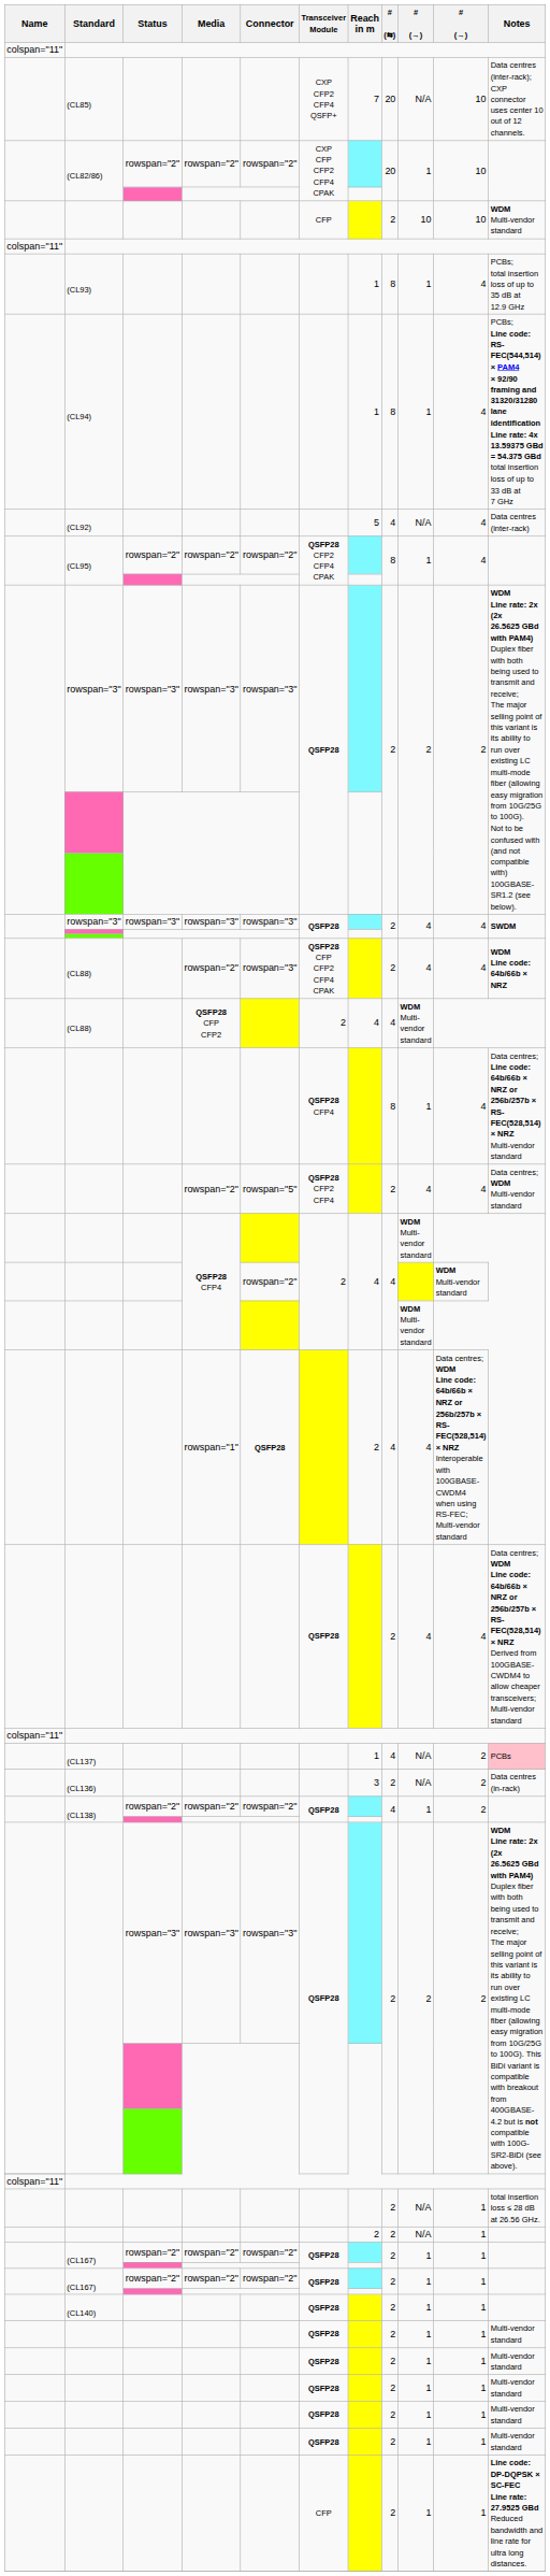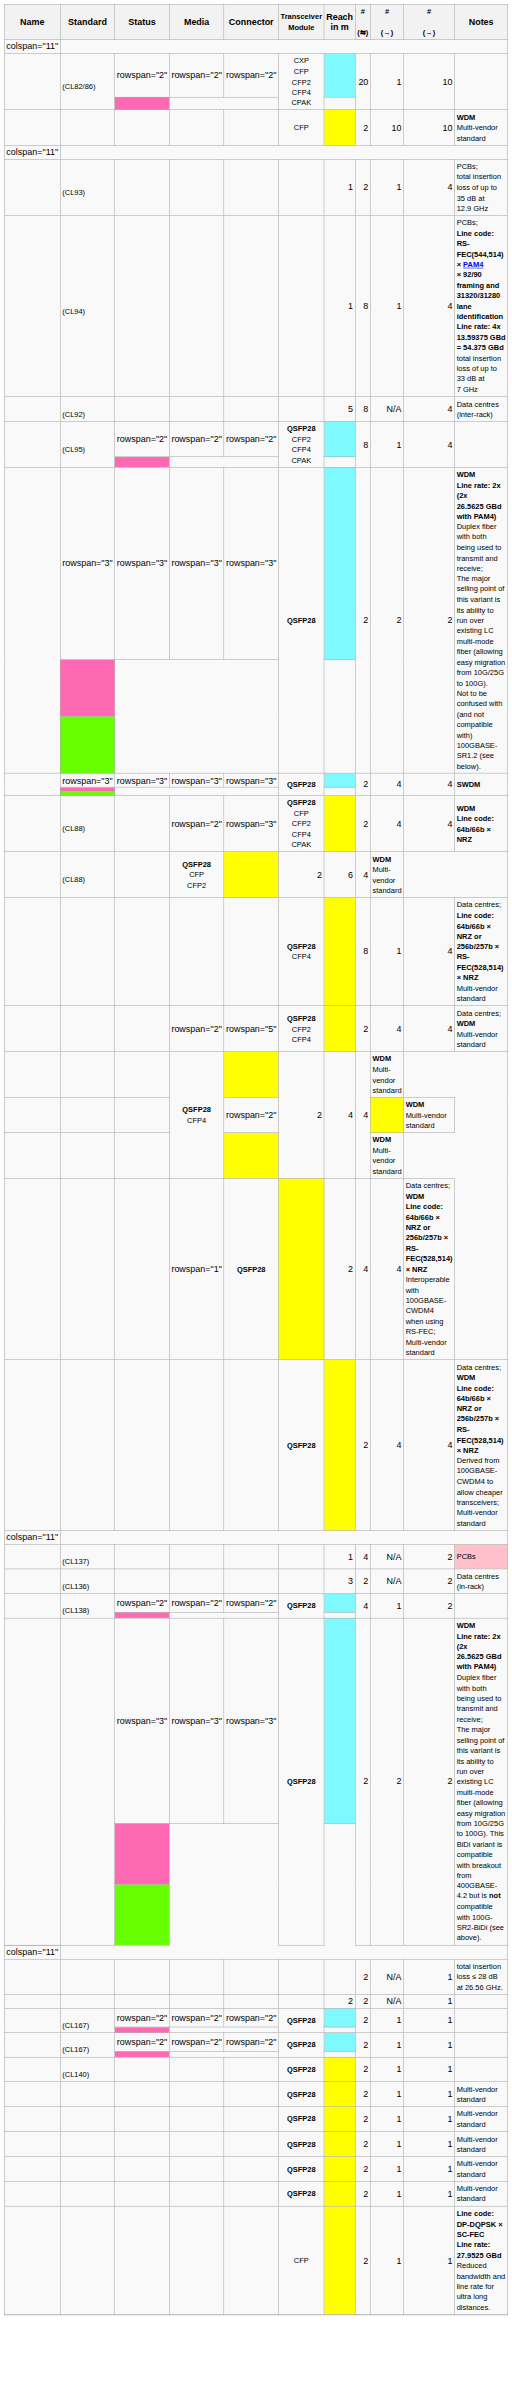 <table class="wikitable" style="line-height:110%;">
 <tr>
 <th>Name</th>
 <th>Standard</th>
 <th>Status</th>
 <th style="width: 170px;">Media</th>
 <th>Connector</th>
 <th><small>Transceiver<br>Module</small></th>
 <th>Reach<br>in m</th>
 <th><small>#<br><br>(⇆)</small></th>
 <th><small>#<br><br>(→)</small></th>
 <th><small>#<br><br>(→)</small></th>
 <th>Notes</th>
 </tr>
 <tr>
 <td>colspan="11"  </td>
-</tr>
-<tr>
-<td><br><small></small></td>
-<td><br><small>(CL85)</small></td>
-<td></td>
-<td></td>
-<td></td>
-<td style="text-align:center;"><small>CXP<br>CFP2<br>CFP4<br>QSFP+</small></td>
-<td style="text-align:right;">7</td>
-<td style="text-align:right;">20</td>
-<td style="text-align:right;">N/A</td>
-<td style="text-align:right;">10</td>
-<td><small>Data centres (inter-rack);<br>CXP connector uses center 10 out of 12 channels.</small></td>
 </tr>
 <tr>
 <td rowspan="2"></td>
 <td rowspan="2"><br><small>(CL82/86)</small></td>
 <td>rowspan="2" </td>
 <td>rowspan="2" </td>
 <td>rowspan="2" </td>
 <td rowspan="2" style="text-align:center;"><small>CXP<br>CFP<br>CFP2<br>CFP4<br>CPAK</small></td>
 <td style="background:#7df9ff;"></td>
 <td rowspan="2" style="text-align:right;">20</td>
 <td rowspan="2" style="text-align:right;">1</td>
 <td rowspan="2" style="text-align:right;">10</td>
 <td rowspan="2"></td>
 </tr>
 <tr>
 <td style="background:hotPink;"></td>
 </tr>
 <tr>
 <td></td>
 <td></td>
 <td></td>
 <td></td>
 <td></td>
 <td style="text-align:center;"><small>CFP</small></td>
 <td style="background:yellow;"></td>
 <td style="text-align:right;">2</td>
 <td style="text-align:right;">10</td>
 <td style="text-align:right;">10</td>
 <td><small><strong>WDM</strong><br>Multi-vendor standard</small></td>
 </tr>
 <tr>
 <td>colspan="11"  </td>
 </tr>
 <tr>
 <td></td>
 <td><br><small>(CL93)</small></td>
 <td></td>
 <td></td>
 <td></td>
 <td></td>
 <td style="text-align:right;">1</td>
-<td style="text-align:right;">8</td>
+<td style="text-align:right;">2</td>
 <td style="text-align:right;">1</td>
 <td style="text-align:right;">4</td>
 <td><small>PCBs;<br>total insertion loss of up to 35 dB at 12.9 GHz</small></td>
 </tr>
 <tr>
 <td></td>
 <td><br><small>(CL94)</small></td>
 <td></td>
 <td></td>
 <td></td>
 <td></td>
 <td style="text-align:right;">1</td>
 <td style="text-align:right;">8</td>
 <td style="text-align:right;">1</td>
 <td style="text-align:right;">4</td>
 <td><small>PCBs;<br><strong>Line code: RS-FEC(544,514) × <a href='#'>PAM4</a><br>× 92/90 framing and 31320/31280 lane identification</strong><br><strong>Line rate: 4x 13.59375 GBd = 54.375 GBd</strong><br>total insertion loss of up to 33 dB at 7 GHz</small></td>
 </tr>
 <tr>
 <td><br><small></small></td>
 <td><br><small>(CL92)</small></td>
 <td></td>
 <td></td>
 <td></td>
 <td></td>
 <td style="text-align:right;">5</td>
-<td style="text-align:right;">4</td>
+<td style="text-align:right;">8</td>
 <td style="text-align:right;">N/A</td>
 <td style="text-align:right;">4</td>
 <td><small>Data centres (inter-rack)</small></td>
 </tr>
 <tr>
 <td rowspan="2"></td>
 <td rowspan="2"><br><small>(CL95)</small></td>
 <td>rowspan="2" </td>
 <td>rowspan="2" </td>
 <td>rowspan="2" </td>
 <td rowspan="2" style="text-align:center;"><small><strong>QSFP28</strong><br>CFP2<br>CFP4<br>CPAK</small></td>
 <td style="background:#7df9ff;"></td>
 <td rowspan="2" style="text-align:right;">8</td>
 <td rowspan="2" style="text-align:right;">1</td>
 <td rowspan="2" style="text-align:right;">4</td>
 <td rowspan="2"></td>
 </tr>
 <tr>
 <td style="background:hotPink;"></td>
 </tr>
 <tr>
 <td rowspan="3"><br><small></small></td>
 <td>rowspan="3" </td>
 <td>rowspan="3" </td>
 <td>rowspan="3" </td>
 <td>rowspan="3" </td>
 <td rowspan="3" style="text-align:center;"><small><strong>QSFP28</strong></small></td>
 <td style="background:#7df9ff;"></td>
 <td rowspan="3" style="text-align:right;">2</td>
 <td rowspan="3" style="text-align:right;">2</td>
 <td rowspan="3" style="text-align:right;">2</td>
 <td rowspan="3"><small><strong>WDM</strong><br><strong>Line rate: 2x (2x 26.5625 GBd with PAM4)</strong><br>Duplex fiber with both being used to transmit and receive;<br>The major selling point of this variant is its ability to run over existing LC multi-mode fiber (allowing easy migration from 10G/25G to 100G).<br>Not to be confused with (and not compatible with) 100GBASE-SR1.2 (see below).</small></td>
 </tr>
 <tr>
 <td style="background:hotPink;"></td>
 </tr>
 <tr>
 <td style="background:#6f0;"></td>
 </tr>
 <tr>
 <td rowspan="3"></td>
 <td>rowspan="3" </td>
 <td>rowspan="3" </td>
 <td>rowspan="3" </td>
 <td>rowspan="3" </td>
 <td rowspan="3" style="text-align:center;"><small><strong>QSFP28</strong></small></td>
 <td style="background:#7df9ff;"></td>
 <td rowspan="3" style="text-align:right;">2</td>
 <td rowspan="3" style="text-align:right;">4</td>
 <td rowspan="3" style="text-align:right;">4</td>
 <td rowspan="3"><small><strong>SWDM</strong></small></td>
 </tr>
 <tr>
 <td style="background:hotPink;"></td>
 </tr>
 <tr>
 <td style="background:#6f0;"></td>
 </tr>
 <tr>
 <td></td>
 <td><br><small>(CL88)</small></td>
 <td></td>
 <td>rowspan="2" </td>
 <td>rowspan="3" </td>
 <td style="text-align:center;"><small><strong>QSFP28</strong><br>CFP<br>CFP2<br>CFP4<br>CPAK</small></td>
 <td style="background:yellow;"></td>
 <td style="text-align:right;">2</td>
 <td style="text-align:right;">4</td>
 <td style="text-align:right;">4</td>
 <td><small><strong>WDM</strong><br><strong>Line code: 64b/66b × NRZ</strong></small></td>
 </tr>
 <tr>
 <td></td>
 <td><br><small>(CL88)</small></td>
 <td></td>
 <td style="text-align:center;"><small><strong>QSFP28</strong><br>CFP<br>CFP2</small></td>
 <td style="background:yellow;"></td>
 <td style="text-align:right;">2</td>
-<td style="text-align:right;">4</td>
+<td style="text-align:right;">6</td>
 <td style="text-align:right;">4</td>
 <td><small><strong>WDM</strong><br>Multi-vendor standard</small></td>
 </tr>
 <tr>
 <td></td>
 <td></td>
 <td></td>
 <td></td>
 <td></td>
 <td style="text-align:center;"><small><strong>QSFP28</strong><br>CFP4</small></td>
 <td style="background:yellow;"></td>
 <td style="text-align:right;">8</td>
 <td style="text-align:right;">1</td>
 <td style="text-align:right;">4</td>
 <td><small>Data centres;<br><strong>Line code: 64b/66b × NRZ or 256b/257b × RS-FEC(528,514) × NRZ</strong><br>Multi-vendor standard </small></td>
 </tr>
 <tr>
 <td></td>
 <td></td>
 <td></td>
 <td>rowspan="2" </td>
 <td>rowspan="5" </td>
 <td style="text-align:center;"><small><strong>QSFP28</strong><br>CFP2<br>CFP4</small></td>
 <td style="background:yellow;"></td>
 <td style="text-align:right;">2</td>
 <td style="text-align:right;">4</td>
 <td style="text-align:right;">4</td>
 <td><small>Data centres;<br><strong>WDM</strong><br>Multi-vendor standard</small></td>
 </tr>
 <tr>
 <td></td>
 <td></td>
 <td></td>
 <td rowspan="3" style="text-align:center;"><small><strong>QSFP28</strong><br>CFP4</small></td>
 <td style="background:yellow;"></td>
 <td rowspan="3" style="text-align:right;">2</td>
 <td rowspan="3" style="text-align:right;">4</td>
 <td rowspan="3" style="text-align:right;">4</td>
 <td><small><strong>WDM</strong><br>Multi-vendor standard</small></td>
 </tr>
 <tr>
 <td></td>
 <td></td>
 <td></td>
 <td>rowspan="2" </td>
 <td style="background:yellow;"></td>
 <td><small><strong>WDM</strong><br>Multi-vendor standard</small></td>
 </tr>
 <tr>
 <td></td>
 <td></td>
 <td></td>
 <td style="background:yellow;"></td>
 <td><small><strong>WDM</strong><br>Multi-vendor standard</small></td>
 </tr>
 <tr>
 <td></td>
 <td></td>
 <td></td>
 <td>rowspan="1" </td>
 <td style="text-align:center;"><small><strong>QSFP28</strong></small></td>
 <td style="background:yellow;"></td>
 <td style="text-align:right;">2</td>
 <td style="text-align:right;">4</td>
 <td style="text-align:right;">4</td>
 <td><small>Data centres;<br><strong>WDM</strong><br><strong>Line code: 64b/66b × NRZ or 256b/257b × RS-FEC(528,514) × NRZ</strong><br>Interoperable with 100GBASE-CWDM4 when using RS-FEC;<br>Multi-vendor standard</small></td>
 </tr>
 <tr>
 <td></td>
 <td></td>
 <td></td>
 <td></td>
 <td></td>
 <td style="text-align:center;"><small><strong>QSFP28</strong></small></td>
 <td style="background:yellow;"></td>
 <td style="text-align:right;">2</td>
 <td style="text-align:right;">4</td>
 <td style="text-align:right;">4</td>
 <td><small>Data centres;<br><strong>WDM</strong><br><strong>Line code: 64b/66b × NRZ or 256b/257b × RS-FEC(528,514) × NRZ</strong><br>Derived from 100GBASE-CWDM4 to allow cheaper transceivers;<br>Multi-vendor standard</small></td>
 </tr>
 <tr>
 <td>colspan="11"  </td>
 </tr>
 <tr>
 <td></td>
 <td><br><small>(CL137)</small></td>
 <td></td>
 <td></td>
 <td></td>
 <td></td>
 <td style="text-align:right;">1</td>
 <td style="text-align:right;">4</td>
 <td style="text-align:right;">N/A</td>
 <td style="text-align:right;">2</td>
 <td style="background: pink;"><small>PCBs</small></td>
 </tr>
 <tr>
 <td></td>
 <td><br><small>(CL136)</small></td>
 <td></td>
 <td></td>
 <td></td>
 <td></td>
 <td style="text-align:right;">3</td>
 <td style="text-align:right;">2</td>
 <td style="text-align:right;">N/A</td>
 <td style="text-align:right;">2</td>
 <td><small>Data centres (in-rack)</small></td>
 </tr>
 <tr>
 <td rowspan="2"></td>
 <td rowspan="2"><br><small>(CL138)</small></td>
 <td>rowspan="2" </td>
 <td>rowspan="2" </td>
 <td>rowspan="2" </td>
 <td rowspan="2" style="text-align:center;"><small><strong>QSFP28</strong></small></td>
 <td style="background:#7df9ff;"></td>
 <td rowspan="2" style="text-align:right;">4</td>
 <td rowspan="2" style="text-align:right;">1</td>
 <td rowspan="2" style="text-align:right;">2</td>
 <td rowspan="2"></td>
 </tr>
 <tr>
 <td style="background:hotPink;"></td>
 </tr>
 <tr>
 <td rowspan="3"><br><small></small></td>
 <td rowspan="3"></td>
 <td>rowspan="3" </td>
 <td>rowspan="3" </td>
 <td>rowspan="3" </td>
 <td rowspan="3" style="text-align:center;"><small><strong>QSFP28</strong></small></td>
 <td style="background:#7df9ff;"></td>
 <td rowspan="3" style="text-align:right;">2</td>
 <td rowspan="3" style="text-align:right;">2</td>
 <td rowspan="3" style="text-align:right;">2</td>
 <td rowspan="3"><small><strong>WDM</strong><br><strong>Line rate: 2x (2x 26.5625 GBd with PAM4)</strong><br>Duplex fiber with both being used to transmit and receive;<br>The major selling point of this variant is its ability to run over existing LC multi-mode fiber (allowing easy migration from 10G/25G to 100G). This BiDi variant is compatible with breakout from 400GBASE-4.2 but is <strong>not</strong> compatible with 100G-SR2-BiDi (see above).</small></td>
 </tr>
 <tr>
 <td style="background:hotPink;"></td>
 </tr>
 <tr>
 <td style="background:#6f0;"></td>
 </tr>
 <tr>
 </tr>
 <tr>
 <td>colspan="11" </td>
 </tr>
 <tr>
 <td></td>
 <td></td>
 <td></td>
 <td></td>
 <td></td>
 <td></td>
 <td></td>
 <td style="text-align:right;">2</td>
 <td style="text-align:right;">N/A</td>
 <td style="text-align:right;">1</td>
 <td><small>total insertion loss ≤ 28 dB at 26.56 GHz.</small></td>
 </tr>
 <tr>
 <td></td>
 <td></td>
 <td></td>
 <td></td>
 <td></td>
 <td></td>
 <td style="text-align:right;">2</td>
 <td style="text-align:right;">2</td>
 <td style="text-align:right;">N/A</td>
 <td style="text-align:right;">1</td>
 <td></td>
 </tr>
 <tr>
 <td rowspan="2"></td>
 <td rowspan="2"><br><small>(CL167)</small></td>
 <td>rowspan="2" </td>
 <td>rowspan="2" </td>
 <td>rowspan="2" </td>
 <td rowspan="2" style="text-align:center;"><small><strong>QSFP28</strong></small></td>
 <td style="background:#7df9ff;"></td>
 <td rowspan="2" style="text-align:right;">2</td>
 <td rowspan="2" style="text-align:right;">1</td>
 <td rowspan="2" style="text-align:right;">1</td>
 <td rowspan="2"></td>
 </tr>
 <tr>
 <td style="background:hotPink;"></td>
 </tr>
 <tr>
 <td rowspan="2"></td>
 <td rowspan="2"><br><small>(CL167)</small></td>
 <td>rowspan="2" </td>
 <td>rowspan="2" </td>
 <td>rowspan="2" </td>
 <td rowspan="2" style="text-align:center;"><small><strong>QSFP28</strong></small></td>
 <td style="background:#7df9ff;"></td>
 <td rowspan="2" style="text-align:right;">2</td>
 <td rowspan="2" style="text-align:right;">1</td>
 <td rowspan="2" style="text-align:right;">1</td>
 <td rowspan="2"></td>
 </tr>
 <tr>
 <td style="background:hotPink;"></td>
 </tr>
 <tr>
 <td></td>
 <td><br><small>(CL140)</small></td>
 <td></td>
 <td></td>
 <td></td>
 <td style="text-align:center;"><small><strong>QSFP28</strong></small></td>
 <td style="background:yellow;"></td>
 <td style="text-align:right;">2</td>
 <td style="text-align:right;">1</td>
 <td style="text-align:right;">1</td>
 <td></td>
 </tr>
 <tr>
 <td></td>
 <td></td>
 <td></td>
 <td></td>
 <td></td>
 <td style="text-align:center;"><small><strong>QSFP28</strong></small></td>
 <td style="background:yellow;"></td>
 <td style="text-align:right;">2</td>
 <td style="text-align:right;">1</td>
 <td style="text-align:right;">1</td>
 <td><small>Multi-vendor standard</small></td>
 </tr>
 <tr>
 <td></td>
 <td></td>
 <td></td>
 <td></td>
 <td></td>
 <td style="text-align:center;"><small><strong>QSFP28</strong></small></td>
 <td style="background:yellow;"></td>
 <td style="text-align:right;">2</td>
 <td style="text-align:right;">1</td>
 <td style="text-align:right;">1</td>
 <td><small>Multi-vendor standard</small></td>
 </tr>
 <tr>
 <td></td>
 <td></td>
 <td></td>
 <td></td>
 <td></td>
 <td style="text-align:center;"><small><strong>QSFP28</strong></small></td>
 <td style="background:yellow;"></td>
 <td style="text-align:right;">2</td>
 <td style="text-align:right;">1</td>
 <td style="text-align:right;">1</td>
 <td><small>Multi-vendor standard</small></td>
 </tr>
 <tr>
 <td></td>
 <td></td>
 <td></td>
 <td></td>
 <td></td>
 <td style="text-align:center;"><small><strong>QSFP28</strong></small></td>
 <td style="background:yellow;"></td>
 <td style="text-align:right;">2</td>
 <td style="text-align:right;">1</td>
 <td style="text-align:right;">1</td>
 <td><small>Multi-vendor standard</small></td>
 </tr>
 <tr>
 <td></td>
 <td></td>
 <td></td>
 <td></td>
 <td></td>
 <td style="text-align:center;"><small><strong>QSFP28</strong></small></td>
 <td style="background:yellow;"></td>
 <td style="text-align:right;">2</td>
 <td style="text-align:right;">1</td>
 <td style="text-align:right;">1</td>
 <td><small>Multi-vendor standard</small></td>
 </tr>
 <tr>
 <td></td>
 <td></td>
 <td></td>
 <td></td>
 <td></td>
 <td style="text-align:center;"><small>CFP</small></td>
 <td style="background:yellow;"></td>
 <td style="text-align:right;">2</td>
 <td style="text-align:right;">1</td>
 <td style="text-align:right;">1</td>
 <td><small><strong>Line code: DP-DQPSK × SC-FEC</strong><br><strong>Line rate: 27.9525 GBd</strong><br>Reduced bandwidth and line rate for ultra long distances.</small></td>
 </tr>
 <tr>
 </tr>
 </table>
